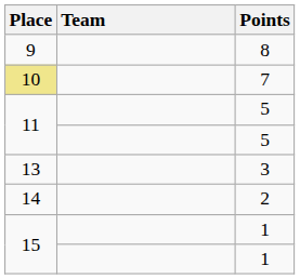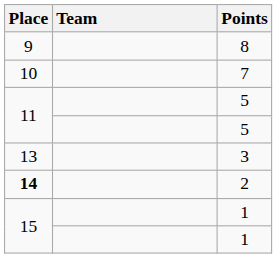 <table class="wikitable" style="text-align:center; padding-bottom:0;">
 <tr>
 <th>Place</th>
 <th style="width:9em; text-align:left;">Team</th>
 <th>Points</th>
 </tr>
 <tr>
 <td>9</td>
 <td align=left></td>
 <td>8</td>
 </tr>
 <tr>
-<td style="background: khaki;">10</td>
+<td>10</td>
 <td align=left></td>
 <td>7</td>
 </tr>
 <tr>
 <td rowspan=2>11</td>
 <td align=left></td>
 <td>5</td>
 </tr>
 <tr>
 <td align=left></td>
 <td>5</td>
 </tr>
 <tr>
 <td>13</td>
 <td align=left></td>
 <td>3</td>
 </tr>
 <tr>
-<td>14</td>
+<td><strong>14</strong></td>
 <td align=left></td>
 <td>2</td>
 </tr>
 <tr>
 <td rowspan=2>15</td>
 <td align=left></td>
 <td>1</td>
 </tr>
 <tr>
 <td align=left></td>
 <td>1</td>
 </tr>
 </table>
